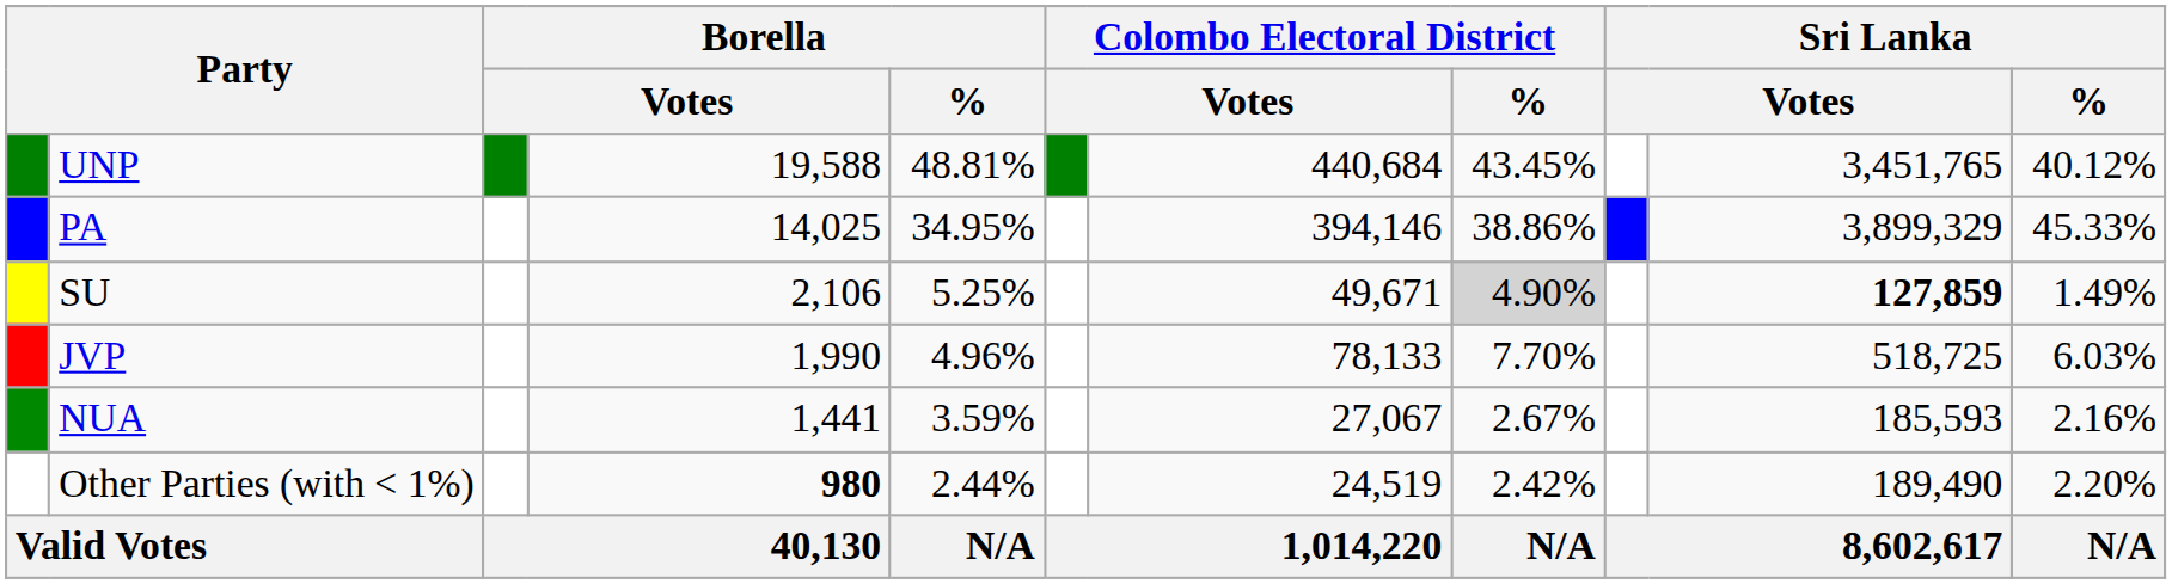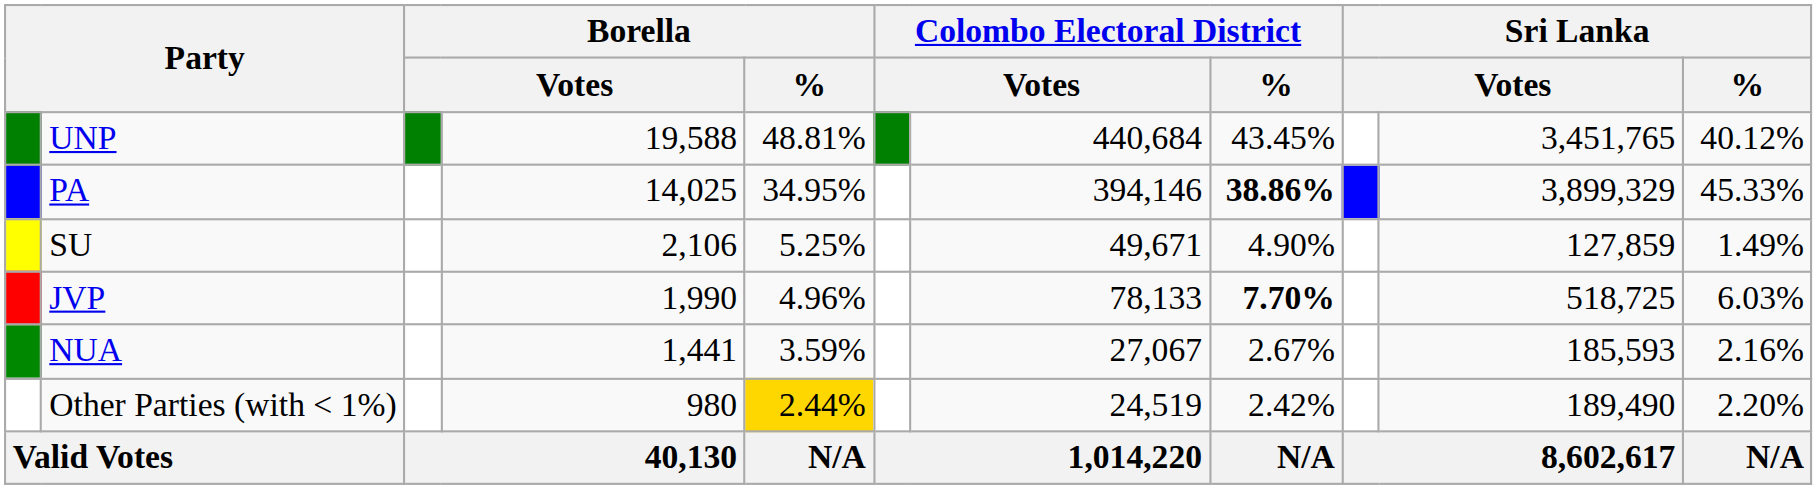 <table class="wikitable">
 <tr>
 <th colspan="2" width="144px"rowspan="2">Party</th>
 <th colspan="3" width="216px">Borella</th>
 <th colspan="3" width="216px"><a href='#'>Colombo Electoral District</a></th>
 <th colspan="3" width="216px">Sri Lanka</th>
 </tr>
 <tr>
 <th colspan="2" width="144px">Votes</th>
 <th>%</th>
 <th colspan="2" width="144px">Votes</th>
 <th>%</th>
 <th colspan="2" width="144px">Votes</th>
 <th>%</th>
 </tr>
 <tr>
 <td style="background-color:green;" width="10px"></td>
 <td style="text-align:left;"><a href='#'>UNP</a></td>
 <td style="background-color:green;" width="10px"></td>
 <td style="text-align:right;">19,588</td>
 <td style="text-align:right;">48.81%</td>
 <td style="background-color:green;" width="10px"></td>
 <td style="text-align:right;">440,684</td>
 <td style="text-align:right;">43.45%</td>
 <td style="background-color:white;" width="10px"></td>
 <td style="text-align:right;">3,451,765</td>
 <td style="text-align:right;">40.12%</td>
 </tr>
 <tr>
 <td style="background-color:blue;" width="10px"></td>
 <td style="text-align:left;"><a href='#'>PA</a></td>
 <td style="background-color:white;" width="10px"></td>
 <td style="text-align:right;">14,025</td>
 <td style="text-align:right;">34.95%</td>
 <td style="background-color:white;" width="10px"></td>
 <td style="text-align:right;">394,146</td>
-<td style="text-align:right;">38.86%</td>
+<td style="text-align:right;"><strong>38.86%</strong></td>
 <td style="background-color:blue;" width="10px"></td>
 <td style="text-align:right;">3,899,329</td>
 <td style="text-align:right;">45.33%</td>
 </tr>
 <tr>
 <td style="background-color:yellow;" width="10px"></td>
 <td style="text-align:left;">SU</td>
 <td style="background-color:white;" width="10px"></td>
 <td style="text-align:right;">2,106</td>
 <td style="text-align:right;">5.25%</td>
 <td style="background-color:white;" width="10px"></td>
 <td style="text-align:right;">49,671</td>
-<td style="background: lightgrey; text-align:right;">4.90%</td>
+<td style="text-align:right;">4.90%</td>
 <td style="background-color:white;" width="10px"></td>
-<td style="text-align:right;"><strong>127,859</strong></td>
+<td style="text-align:right;">127,859</td>
 <td style="text-align:right;">1.49%</td>
 </tr>
 <tr>
 <td style="background-color:red;" width="10px"></td>
 <td style="text-align:left;"><a href='#'>JVP</a></td>
 <td style="background-color:white;" width="10px"></td>
 <td style="text-align:right;">1,990</td>
 <td style="text-align:right;">4.96%</td>
 <td style="background-color:white;" width="10px"></td>
 <td style="text-align:right;">78,133</td>
-<td style="text-align:right;">7.70%</td>
+<td style="text-align:right;"><strong>7.70%</strong></td>
 <td style="background-color:white;" width="10px"></td>
 <td style="text-align:right;">518,725</td>
 <td style="text-align:right;">6.03%</td>
 </tr>
 <tr>
 <td style="background-color:#008800;" width="10px"></td>
 <td style="text-align:left;"><a href='#'>NUA</a></td>
 <td style="background-color:white;" width="10px"></td>
 <td style="text-align:right;">1,441</td>
 <td style="text-align:right;">3.59%</td>
 <td style="background-color:white;" width="10px"></td>
 <td style="text-align:right;">27,067</td>
 <td style="text-align:right;">2.67%</td>
 <td style="background-color:white;" width="10px"></td>
 <td style="text-align:right;">185,593</td>
 <td style="text-align:right;">2.16%</td>
 </tr>
 <tr>
 <td style="background-color:white;" width="10px"></td>
 <td style="text-align:left;">Other Parties (with < 1%)</td>
 <td style="background-color:white;" width="10px"></td>
-<td style="text-align:right;"><strong>980</strong></td>
-<td style="text-align:right;">2.44%</td>
+<td style="text-align:right;">980</td>
+<td style="background: gold; text-align:right;">2.44%</td>
 <td style="background-color:white;" width="10px"></td>
 <td style="text-align:right;">24,519</td>
 <td style="text-align:right;">2.42%</td>
 <td style="background-color:white;" width="10px"></td>
 <td style="text-align:right;">189,490</td>
 <td style="text-align:right;">2.20%</td>
 </tr>
 <tr>
 <th colspan="2" width="144px"style="text-align:left;">Valid Votes</th>
 <th style="text-align:right;"colspan="2" width="144px">40,130</th>
 <th style="text-align:right;">N/A</th>
 <th style="text-align:right;"colspan="2" width="144px">1,014,220</th>
 <th style="text-align:right;">N/A</th>
 <th style="text-align:right;"colspan="2" width="144px">8,602,617</th>
 <th style="text-align:right;">N/A</th>
 </tr>
 </table>
